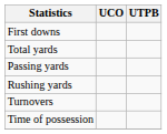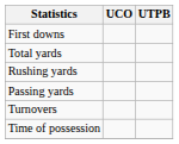 <table class="wikitable" style="float: left;">
 <tr>
 <th>Statistics</th>
 <th>UCO</th>
 <th>UTPB</th>
 </tr>
 <tr>
 <td>First downs</td>
 <td></td>
 <td></td>
 </tr>
 <tr>
 <td>Total yards</td>
 <td></td>
 <td></td>
 </tr>
 <tr>
-<td>Passing yards</td>
+<td>Rushing yards</td>
 <td></td>
 <td></td>
 </tr>
 <tr>
-<td>Rushing yards</td>
+<td>Passing yards</td>
 <td></td>
 <td></td>
 </tr>
 <tr>
 <td>Turnovers</td>
 <td></td>
 <td></td>
 </tr>
 <tr>
 <td>Time of possession</td>
 <td></td>
 <td></td>
 </tr>
 <tr>
 </tr>
 </table>
